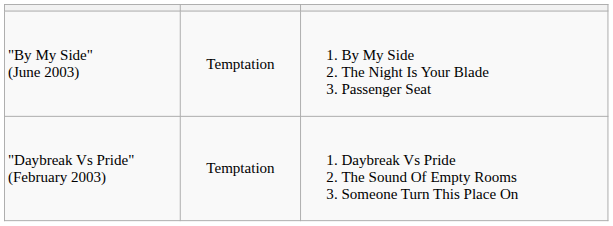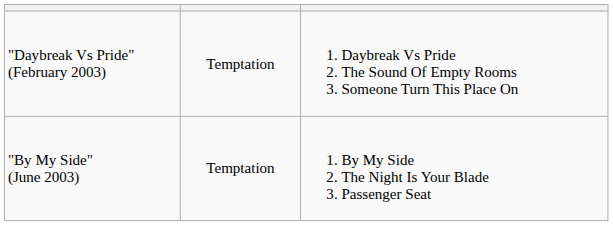 <table class="wikitable">
 <tr>
 <th width="180"></th>
 <th width="120"></th>
 <th width="320"></th>
 </tr>
 <tr>
+<td>"Daybreak Vs Pride"<br>(February 2003)</td>
+<td style="text-align:center">Temptation</td>
+<td><br><ol><li>Daybreak Vs Pride</li><li>The Sound Of Empty Rooms</li><li>Someone Turn This Place On</li></ol></td>
+</tr>
+<tr>
 <td>"By My Side"<br>(June 2003)</td>
 <td style="text-align:center">Temptation</td>
 <td><br><ol><li>By My Side</li><li>The Night Is Your Blade</li><li>Passenger Seat</li></ol></td>
 </tr>
-<tr>
-<td>"Daybreak Vs Pride"<br>(February 2003)</td>
-<td style="text-align:center">Temptation</td>
-<td><br><ol><li>Daybreak Vs Pride</li><li>The Sound Of Empty Rooms</li><li>Someone Turn This Place On</li></ol></td>
-</tr>
 </table>
